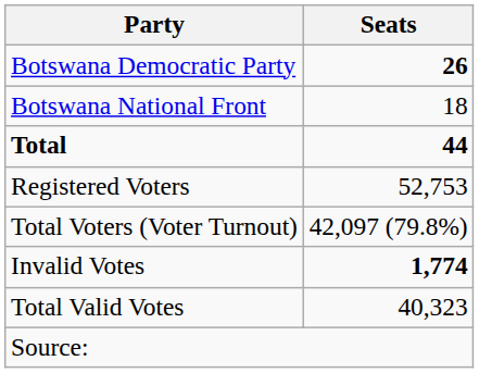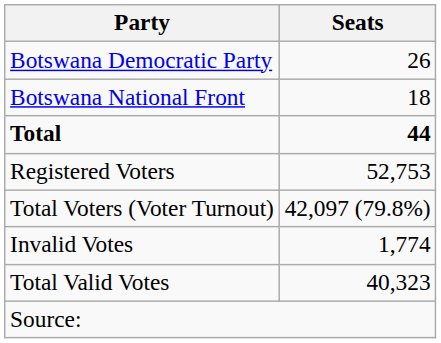 <table class=wikitable style=text-align:right>
 <tr>
 <th>Party</th>
 <th>Seats</th>
 </tr>
 <tr>
 <td align=left><a href='#'>Botswana Democratic Party</a></td>
-<td><strong>26</strong></td>
+<td>26</td>
 </tr>
 <tr>
 <td align=left><a href='#'>Botswana National Front</a></td>
 <td>18</td>
 </tr>
 <tr>
 <td align=left><strong>Total</strong></td>
 <td><strong>44</strong></td>
 </tr>
 <tr>
 <td align=left>Registered Voters</td>
 <td>52,753</td>
 </tr>
 <tr>
 <td align=left>Total Voters (Voter Turnout)</td>
 <td>42,097 (79.8%)</td>
 </tr>
 <tr>
 <td align=left>Invalid Votes</td>
-<td><strong>1,774</strong></td>
+<td>1,774</td>
 </tr>
 <tr>
 <td align=left>Total Valid Votes</td>
 <td>40,323</td>
 </tr>
 <tr>
 <td colspan=4 align=left>Source: </td>
 </tr>
 </table>
